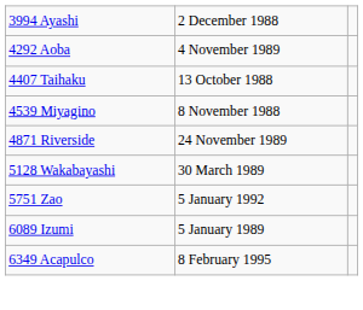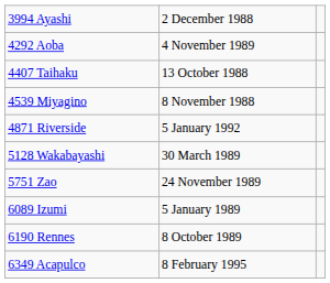 <table class="wikitable" style="font-size: 89%; float: left; width: 25em; margin-right: 1em; line-height: 1.65em !important; height: 270px;">
 <tr>
 <td><a href='#'>3994 Ayashi</a></td>
 <td>2 December 1988</td>
 <td></td>
 </tr>
 <tr>
 <td><a href='#'>4292 Aoba</a></td>
 <td>4 November 1989</td>
 <td></td>
 </tr>
 <tr>
 <td><a href='#'>4407 Taihaku</a></td>
 <td>13 October 1988</td>
 <td></td>
 </tr>
 <tr>
 <td><a href='#'>4539 Miyagino</a></td>
 <td>8 November 1988</td>
 <td></td>
 </tr>
 <tr>
 <td><a href='#'>4871 Riverside</a></td>
-<td>24 November 1989</td>
+<td>5 January 1992</td>
 <td></td>
 </tr>
 <tr>
 <td><a href='#'>5128 Wakabayashi</a></td>
 <td>30 March 1989</td>
 <td></td>
 </tr>
 <tr>
 <td><a href='#'>5751 Zao</a></td>
-<td>5 January 1992</td>
+<td>24 November 1989</td>
 <td></td>
 </tr>
 <tr>
 <td><a href='#'>6089 Izumi</a></td>
 <td>5 January 1989</td>
 <td></td>
 </tr>
 <tr>
+<td><a href='#'>6190 Rennes</a></td>
+<td>8 October 1989</td>
+<td></td>
+</tr>
+<tr>
 <td><a href='#'>6349 Acapulco</a></td>
 <td>8 February 1995</td>
 <td></td>
 </tr>
 </table>
